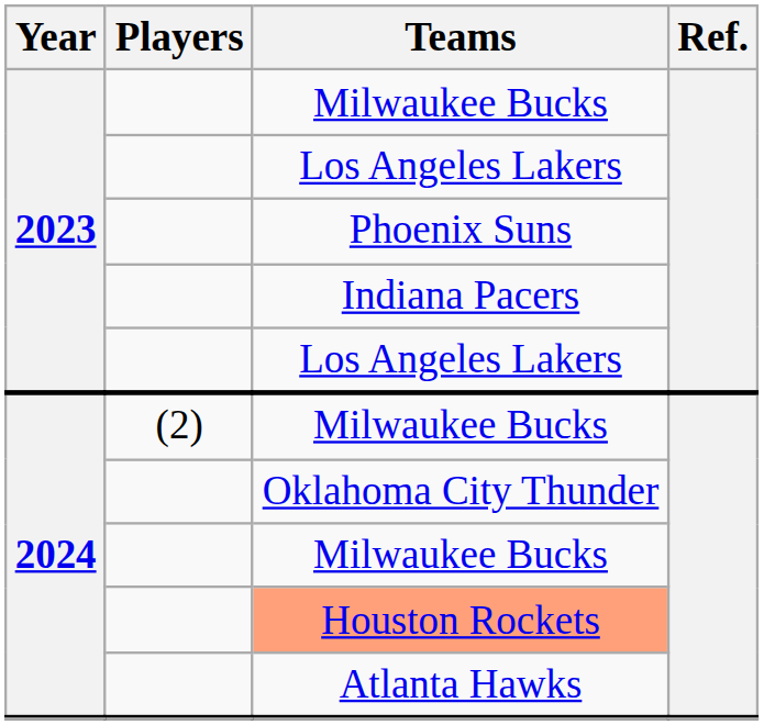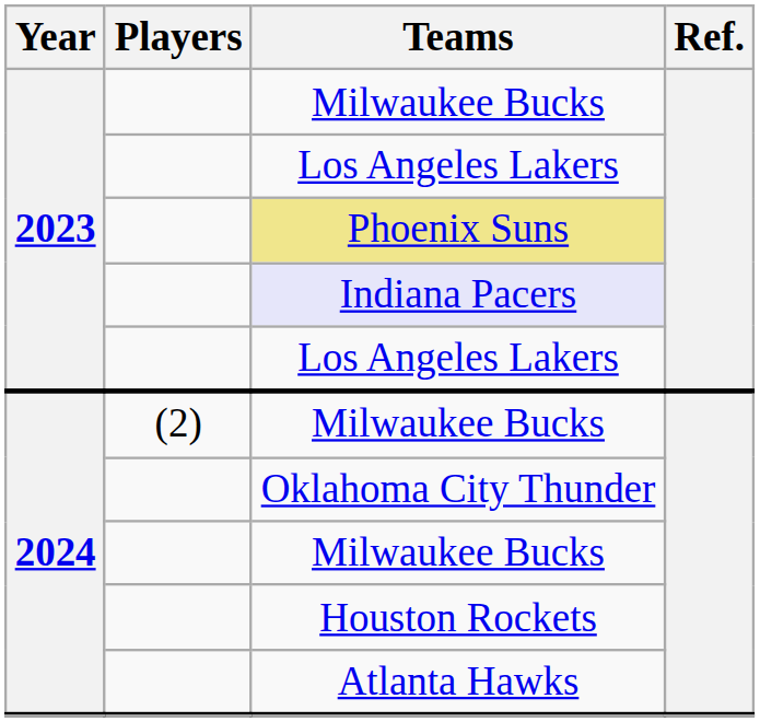 <table class="wikitable">
 <tr>
 <th>Year</th>
 <th>Players</th>
 <th>Teams</th>
 <th class="unsortable">Ref.</th>
 </tr>
 <tr align=center>
 <th rowspan="5"><a href='#'>2023</a></th>
 <td></td>
 <td><a href='#'>Milwaukee Bucks</a></td>
 <th rowspan=5></th>
 </tr>
 <tr align=center>
 <td></td>
 <td><a href='#'>Los Angeles Lakers</a></td>
 </tr>
 <tr align=center>
 <td></td>
-<td><a href='#'>Phoenix Suns</a></td>
+<td style="background: khaki;"><a href='#'>Phoenix Suns</a></td>
 </tr>
 <tr align=center>
 <td></td>
-<td><a href='#'>Indiana Pacers</a></td>
+<td style="background: lavender;"><a href='#'>Indiana Pacers</a></td>
 </tr>
 <tr align=center>
 <td><strong></strong></td>
 <td><a href='#'>Los Angeles Lakers</a></td>
 </tr>
 <tr align=center style="border-top:2px solid black">
 <th rowspan="5"><a href='#'>2024</a></th>
 <td><strong></strong> (2)</td>
 <td><a href='#'>Milwaukee Bucks</a></td>
 <th rowspan="5"></th>
 </tr>
 <tr align=center>
 <td></td>
 <td><a href='#'>Oklahoma City Thunder</a></td>
 </tr>
 <tr align=center>
 <td></td>
 <td><a href='#'>Milwaukee Bucks</a></td>
 </tr>
 <tr align=center>
 <td></td>
-<td style="background: lightsalmon;"><a href='#'>Houston Rockets</a></td>
+<td><a href='#'>Houston Rockets</a></td>
 </tr>
 <tr align=center>
 <td></td>
 <td><a href='#'>Atlanta Hawks</a></td>
 </tr>
 <tr align=center; style="border-top:2px solid black">
 </tr>
 </table>
